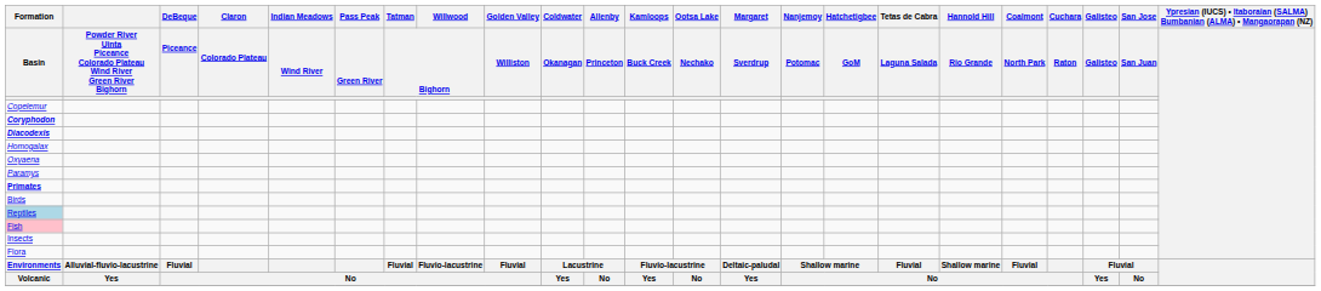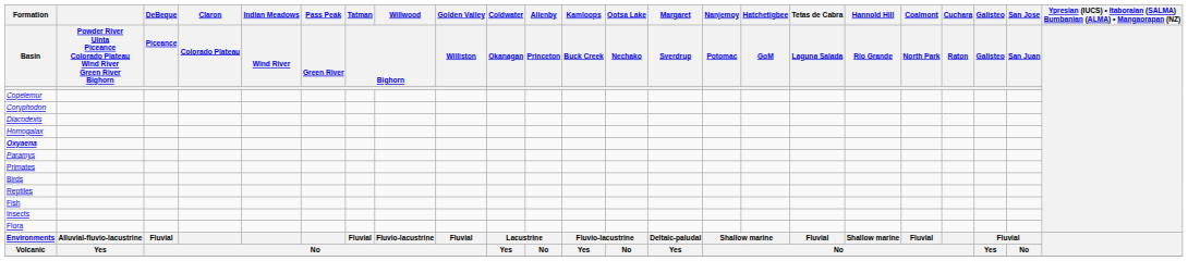 <table class="wikitable" style="font-size: 60%">
 <tr>
 <th>Formation</th>
 <th></th>
 <th><a href='#'>DeBeque</a></th>
 <th><a href='#'>Claron</a></th>
 <th><a href='#'>Indian Meadows</a></th>
 <th><a href='#'>Pass Peak</a></th>
 <th><a href='#'>Tatman</a></th>
 <th><a href='#'>Willwood</a></th>
 <th><a href='#'>Golden Valley</a></th>
 <th><a href='#'>Coldwater</a></th>
 <th><a href='#'>Allenby</a></th>
 <th><a href='#'>Kamloops</a></th>
 <th><a href='#'>Ootsa Lake</a></th>
 <th><a href='#'>Margaret</a></th>
 <th><a href='#'>Nanjemoy</a></th>
 <th><a href='#'>Hatchetigbee</a></th>
 <th>Tetas de Cabra</th>
 <th><a href='#'>Hannold Hill</a></th>
 <th><a href='#'>Coalmont</a></th>
 <th><a href='#'>Cuchara</a></th>
 <th><a href='#'>Galisteo</a></th>
 <th><a href='#'>San Jose</a></th>
 <th><a href='#'>Ypresian</a> (IUCS) • <a href='#'>Itaboraian</a> (<a href='#'>SALMA</a>)<br><a href='#'>Bumbanian</a> (<a href='#'>ALMA</a>) • <a href='#'>Mangaorapan</a> (NZ)</th>
 </tr>
 <tr>
 <th>Basin</th>
 <th><a href='#'>Powder River</a><br><a href='#'>Uinta</a><br><a href='#'>Piceance</a><br><a href='#'>Colorado Plateau</a><br><a href='#'>Wind River</a><br><a href='#'>Green River</a><br><a href='#'>Bighorn</a></th>
 <th><a href='#'>Piceance</a><br><br><br><br></th>
 <th><br><a href='#'>Colorado Plateau</a><br><br><br></th>
 <th><br><br><br><a href='#'>Wind River</a><br><br></th>
 <th><br><br><br><br><a href='#'>Green River</a><br></th>
 <th colspan=2><br><br><br><br><br><br><a href='#'>Bighorn</a></th>
 <th><a href='#'>Williston</a></th>
 <th><a href='#'>Okanagan</a></th>
 <th><a href='#'>Princeton</a></th>
 <th><a href='#'>Buck Creek</a></th>
 <th><a href='#'>Nechako</a></th>
 <th><a href='#'>Sverdrup</a></th>
 <th><a href='#'>Potomac</a></th>
 <th><a href='#'>GoM</a></th>
 <th><a href='#'>Laguna Salada</a></th>
 <th><a href='#'>Rio Grande</a></th>
 <th><a href='#'>North Park</a></th>
 <th><a href='#'>Raton</a></th>
 <th><a href='#'>Galisteo</a></th>
 <th><a href='#'>San Juan</a></th>
 <th align=center rowspan=14></th>
 </tr>
 <tr>
 <th></th>
 <th colspan=8></th>
 <th colspan=5></th>
 <th colspan=2></th>
 <th></th>
 <th colspan=5></th>
 </tr>
 <tr>
 <td><em><a href='#'>Copelemur</a></em></td>
 <td align=center></td>
 <td align=center></td>
 <td align=center></td>
 <td align=center></td>
 <td align=center></td>
 <td align=center></td>
 <td align=center></td>
 <td align=center></td>
 <td align=center></td>
 <td align=center></td>
 <td align=center></td>
 <td align=center></td>
 <td align=center></td>
 <td align=center></td>
 <td align=center></td>
 <td align=center></td>
 <td align=center></td>
 <td align=center></td>
 <td align=center></td>
 <td align=center></td>
 <td align=center></td>
 </tr>
 <tr>
-<td><strong><em><a href='#'>Coryphodon</a></em></strong></td>
+<td><em><a href='#'>Coryphodon</a></em></td>
 <td align=center></td>
 <td align=center></td>
 <td align=center></td>
 <td align=center></td>
 <td align=center></td>
 <td align=center></td>
 <td align=center></td>
 <td align=center></td>
 <td align=center></td>
 <td align=center></td>
 <td align=center></td>
 <td align=center></td>
 <td align=center></td>
 <td align=center></td>
 <td align=center></td>
 <td align=center></td>
 <td align=center></td>
 <td align=center></td>
 <td align=center></td>
 <td align=center></td>
 <td align=center></td>
 </tr>
 <tr>
-<td><strong><em><a href='#'>Diacodexis</a></em></strong></td>
+<td><em><a href='#'>Diacodexis</a></em></td>
 <td align=center></td>
 <td align=center></td>
 <td align=center></td>
 <td align=center></td>
 <td align=center></td>
 <td align=center></td>
 <td align=center></td>
 <td align=center></td>
 <td align=center></td>
 <td align=center></td>
 <td align=center></td>
 <td align=center></td>
 <td align=center></td>
 <td align=center></td>
 <td align=center></td>
 <td align=center></td>
 <td align=center></td>
 <td align=center></td>
 <td align=center></td>
 <td align=center></td>
 <td align=center></td>
 </tr>
 <tr>
 <td><em><a href='#'>Homogalax</a></em></td>
 <td align=center></td>
 <td align=center></td>
 <td align=center></td>
 <td align=center></td>
 <td align=center></td>
 <td align=center></td>
 <td align=center></td>
 <td align=center></td>
 <td align=center></td>
 <td align=center></td>
 <td align=center></td>
 <td align=center></td>
 <td align=center></td>
 <td align=center></td>
 <td align=center></td>
 <td align=center></td>
 <td align=center></td>
 <td align=center></td>
 <td align=center></td>
 <td align=center></td>
 <td align=center></td>
 </tr>
 <tr>
-<td><em><a href='#'>Oxyaena</a></em></td>
+<td><strong><em><a href='#'>Oxyaena</a></em></strong></td>
 <td align=center></td>
 <td align=center></td>
 <td align=center></td>
 <td align=center></td>
 <td align=center></td>
 <td align=center></td>
 <td align=center></td>
 <td align=center></td>
 <td align=center></td>
 <td align=center></td>
 <td align=center></td>
 <td align=center></td>
 <td align=center></td>
 <td align=center></td>
 <td align=center></td>
 <td align=center></td>
 <td align=center></td>
 <td align=center></td>
 <td align=center></td>
 <td align=center></td>
 <td align=center></td>
 </tr>
 <tr>
 <td><em><a href='#'>Paramys</a></em></td>
 <td align=center></td>
 <td align=center></td>
 <td align=center></td>
 <td align=center></td>
 <td align=center></td>
 <td align=center></td>
 <td align=center></td>
 <td align=center></td>
 <td align=center></td>
 <td align=center></td>
 <td align=center></td>
 <td align=center></td>
 <td align=center></td>
 <td align=center></td>
 <td align=center></td>
 <td align=center></td>
 <td align=center></td>
 <td align=center></td>
 <td align=center></td>
 <td align=center></td>
 <td align=center></td>
 </tr>
 <tr>
-<td><strong><a href='#'>Primates</a></strong></td>
+<td><a href='#'>Primates</a></td>
 <td align=center></td>
 <td align=center></td>
 <td align=center></td>
 <td align=center></td>
 <td align=center></td>
 <td align=center></td>
 <td align=center></td>
 <td align=center></td>
 <td align=center></td>
 <td align=center></td>
 <td align=center></td>
 <td align=center></td>
 <td align=center></td>
 <td align=center></td>
 <td align=center></td>
 <td align=center></td>
 <td align=center></td>
 <td align=center></td>
 <td align=center></td>
 <td align=center></td>
 <td align=center></td>
 </tr>
 <tr>
 <td><a href='#'>Birds</a></td>
 <td align=center></td>
 <td align=center></td>
 <td align=center></td>
 <td align=center></td>
 <td align=center></td>
 <td align=center></td>
 <td align=center></td>
 <td align=center></td>
 <td align=center></td>
 <td align=center></td>
 <td align=center></td>
 <td align=center></td>
 <td align=center></td>
 <td align=center></td>
 <td align=center></td>
 <td align=center></td>
 <td align=center></td>
 <td align=center></td>
 <td align=center></td>
 <td align=center></td>
 <td align=center></td>
 </tr>
 <tr>
-<td style="background: lightblue;"><a href='#'>Reptiles</a></td>
+<td><a href='#'>Reptiles</a></td>
 <td align=center></td>
 <td align=center></td>
 <td align=center></td>
 <td align=center></td>
 <td align=center></td>
 <td align=center></td>
 <td align=center></td>
 <td align=center></td>
 <td align=center></td>
 <td align=center></td>
 <td align=center></td>
 <td align=center></td>
 <td align=center></td>
 <td align=center></td>
 <td align=center></td>
 <td align=center></td>
 <td align=center></td>
 <td align=center></td>
 <td align=center></td>
 <td align=center></td>
 <td align=center></td>
 </tr>
 <tr>
-<td style="background: pink;"><a href='#'>Fish</a></td>
+<td><a href='#'>Fish</a></td>
 <td align=center></td>
 <td align=center></td>
 <td align=center></td>
 <td align=center></td>
 <td align=center></td>
 <td align=center></td>
 <td align=center></td>
 <td align=center></td>
 <td align=center></td>
 <td align=center></td>
 <td align=center></td>
 <td align=center></td>
 <td align=center></td>
 <td align=center></td>
 <td align=center></td>
 <td align=center></td>
 <td align=center></td>
 <td align=center></td>
 <td align=center></td>
 <td align=center></td>
 <td align=center></td>
 </tr>
 <tr>
 <td><a href='#'>Insects</a></td>
 <td align=center></td>
 <td align=center></td>
 <td align=center></td>
 <td align=center></td>
 <td align=center></td>
 <td align=center></td>
 <td align=center></td>
 <td align=center></td>
 <td align=center></td>
 <td align=center></td>
 <td align=center></td>
 <td align=center></td>
 <td align=center></td>
 <td align=center></td>
 <td align=center></td>
 <td align=center></td>
 <td align=center></td>
 <td align=center></td>
 <td align=center></td>
 <td align=center></td>
 <td align=center></td>
 </tr>
 <tr>
 <td><a href='#'>Flora</a></td>
 <td align=center></td>
 <td align=center></td>
 <td align=center></td>
 <td align=center></td>
 <td align=center></td>
 <td align=center></td>
 <td align=center></td>
 <td align=center></td>
 <td align=center></td>
 <td align=center></td>
 <td align=center></td>
 <td align=center></td>
 <td align=center></td>
 <td align=center></td>
 <td align=center></td>
 <td align=center></td>
 <td align=center></td>
 <td align=center></td>
 <td align=center></td>
 <td align=center></td>
 <td align=center></td>
 </tr>
 <tr>
 <th><a href='#'>Environments</a></th>
 <th>Alluvial-fluvio-lacustrine</th>
 <th>Fluvial</th>
 <th></th>
 <th></th>
 <th></th>
 <th>Fluvial</th>
 <th>Fluvio-lacustrine</th>
 <th>Fluvial</th>
 <th colspan=2>Lacustrine</th>
 <th colspan=2>Fluvio-lacustrine</th>
 <th>Deltaic-paludal</th>
 <th colspan=2>Shallow marine</th>
 <th>Fluvial</th>
 <th>Shallow marine</th>
 <th>Fluvial</th>
 <th></th>
 <th colspan=2>Fluvial</th>
 <th rowspan=2 align=left><br><br></th>
 </tr>
 <tr>
 <th>Volcanic</th>
 <th>Yes</th>
 <th colspan=7>No</th>
 <th>Yes</th>
 <th>No</th>
 <th>Yes</th>
 <th>No</th>
 <th>Yes</th>
 <th colspan=6>No</th>
 <th>Yes</th>
 <th>No</th>
 </tr>
 <tr>
 </tr>
 </table>
